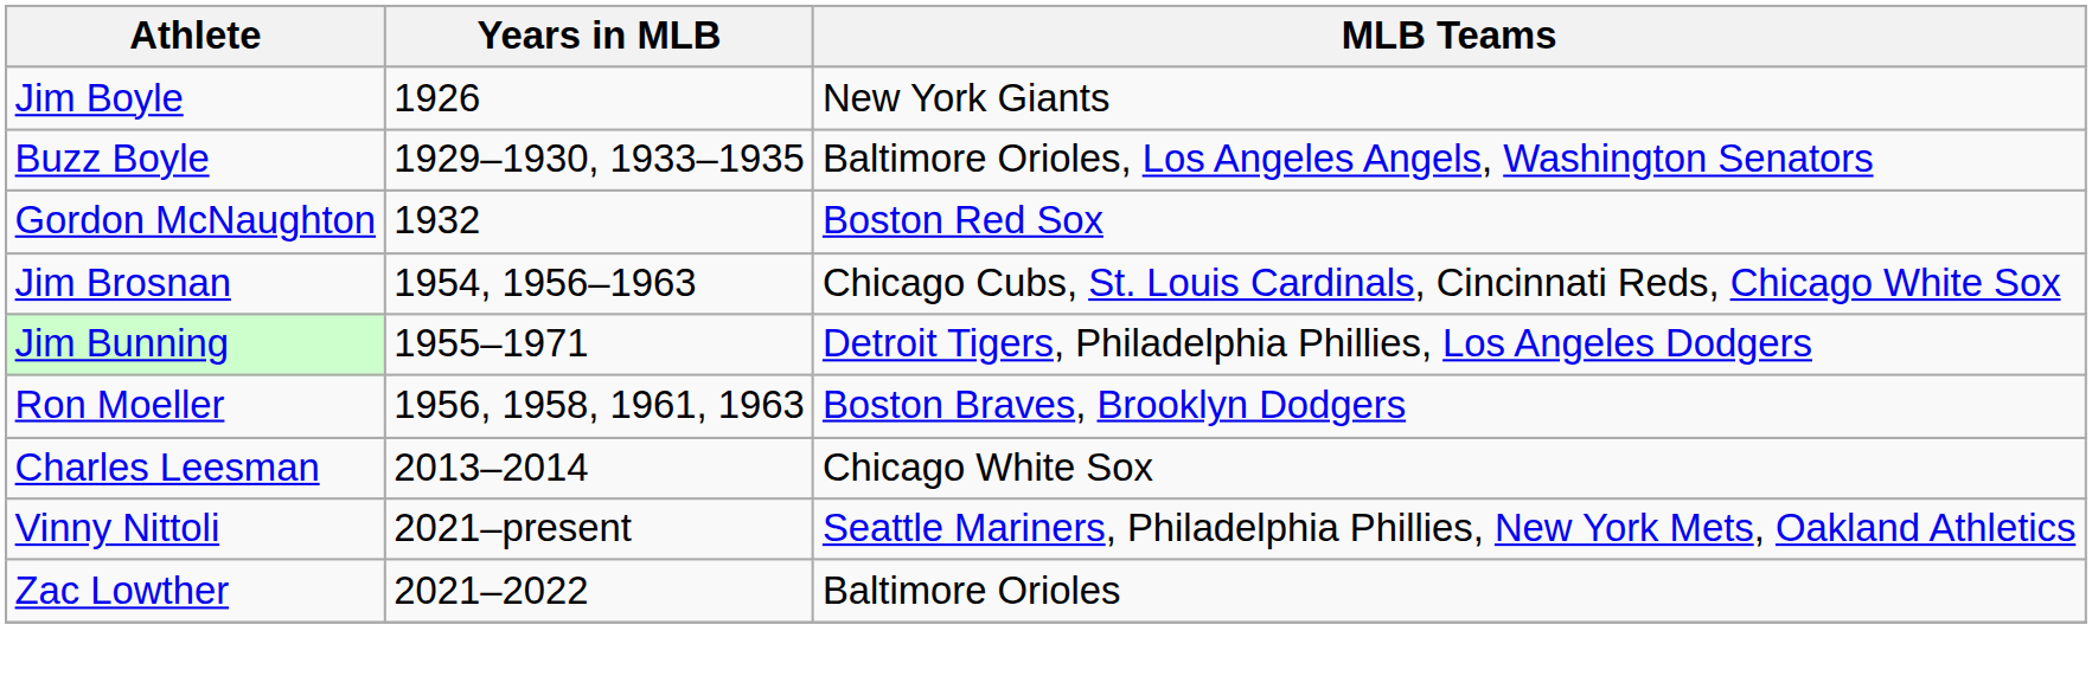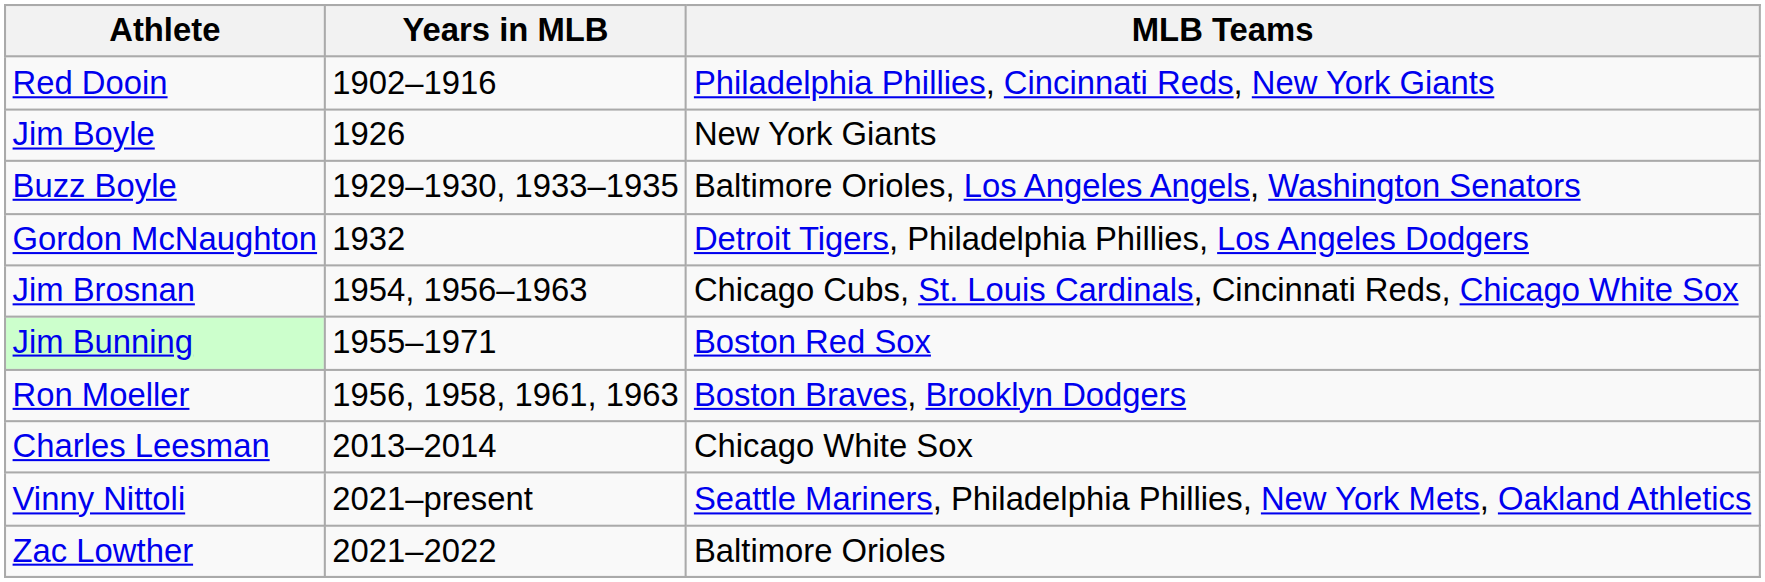 <table class="wikitable">
 <tr>
 <th>Athlete</th>
 <th>Years in MLB</th>
 <th>MLB Teams</th>
+</tr>
+<tr>
+<td><a href='#'>Red Dooin</a></td>
+<td>1902–1916</td>
+<td><a href='#'>Philadelphia Phillies</a>, <a href='#'>Cincinnati Reds</a>, <a href='#'>New York Giants</a></td>
 </tr>
 <tr>
 <td><a href='#'>Jim Boyle</a></td>
 <td>1926</td>
 <td>New York Giants</td>
 </tr>
 <tr>
 <td><a href='#'>Buzz Boyle</a></td>
 <td>1929–1930, 1933–1935</td>
 <td>Baltimore Orioles, <a href='#'>Los Angeles Angels</a>, <a href='#'>Washington Senators</a></td>
 </tr>
 <tr>
 <td><a href='#'>Gordon McNaughton</a></td>
 <td>1932</td>
-<td><a href='#'>Boston Red Sox</a></td>
+<td><a href='#'>Detroit Tigers</a>, Philadelphia Phillies, <a href='#'>Los Angeles Dodgers</a></td>
 </tr>
 <tr>
 <td><a href='#'>Jim Brosnan</a></td>
 <td>1954, 1956–1963</td>
 <td>Chicago Cubs, <a href='#'>St. Louis Cardinals</a>, Cincinnati Reds, <a href='#'>Chicago White Sox</a></td>
 </tr>
 <tr>
 <td style="background-color:#CCFFCC"><a href='#'>Jim Bunning</a></td>
 <td>1955–1971</td>
-<td><a href='#'>Detroit Tigers</a>, Philadelphia Phillies, <a href='#'>Los Angeles Dodgers</a></td>
+<td><a href='#'>Boston Red Sox</a></td>
 </tr>
 <tr>
 <td><a href='#'>Ron Moeller</a></td>
 <td>1956, 1958, 1961, 1963</td>
 <td><a href='#'>Boston Braves</a>, <a href='#'>Brooklyn Dodgers</a></td>
 </tr>
 <tr>
 <td><a href='#'>Charles Leesman</a></td>
 <td>2013–2014</td>
 <td>Chicago White Sox</td>
 </tr>
 <tr>
 <td><a href='#'>Vinny Nittoli</a></td>
 <td>2021–present</td>
 <td><a href='#'>Seattle Mariners</a>, Philadelphia Phillies, <a href='#'>New York Mets</a>, <a href='#'>Oakland Athletics</a></td>
 </tr>
 <tr>
 <td><a href='#'>Zac Lowther</a></td>
 <td>2021–2022</td>
 <td>Baltimore Orioles</td>
 </tr>
 <tr>
 </tr>
 </table>
